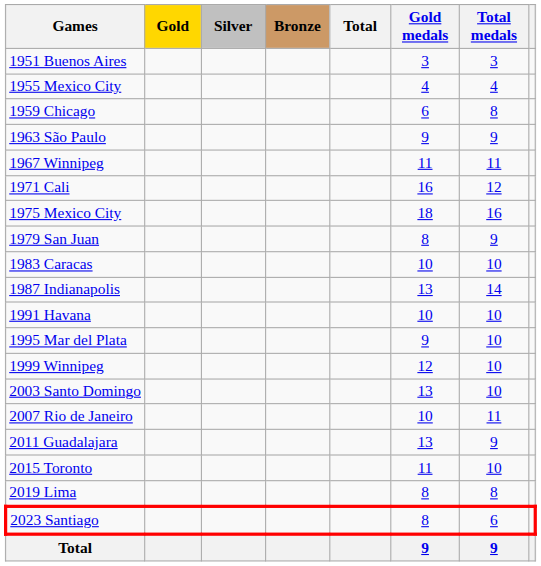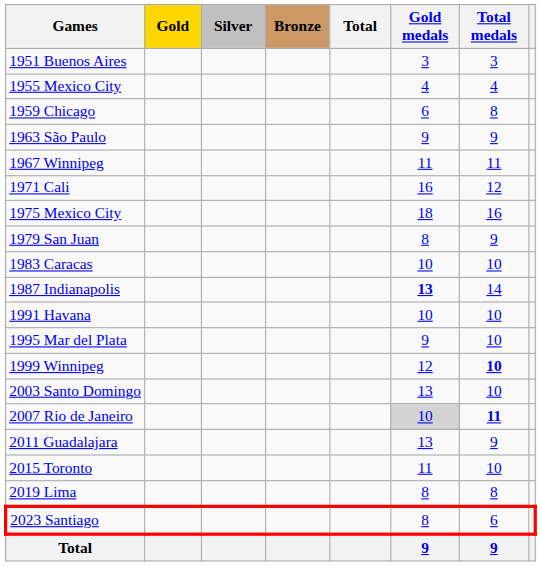 <table class="wikitable sortable" style="text-align:center; font-size:90%;">
 <tr>
 <th>Games</th>
 <td style="background:gold; width:3.2em; font-weight:bold;">Gold</td>
 <td style="background:silver; width:3.7em; font-weight:bold;">Silver</td>
 <td style="background:#c96; width:3.7em; font-weight:bold;">Bronze</td>
 <th style="width:3.5em; font-weight:bold;">Total</th>
 <th style="width:4em; font-weight:bold;"><a href='#'>Gold medals</a></th>
 <th style="width:4em; font-weight:bold;"><a href='#'>Total medals</a></th>
 <th></th>
 </tr>
 <tr>
 <td align="left"> <a href='#'>1951 Buenos Aires</a></td>
 <td></td>
 <td></td>
 <td></td>
 <td><strong></strong></td>
 <td><a href='#'>3</a></td>
 <td><a href='#'>3</a></td>
 <td></td>
 </tr>
 <tr>
 <td align="left"> <a href='#'>1955 Mexico City</a></td>
 <td></td>
 <td></td>
 <td></td>
 <td><strong></strong></td>
 <td><a href='#'>4</a></td>
 <td><a href='#'>4</a></td>
 <td></td>
 </tr>
 <tr>
 <td align="left"> <a href='#'>1959 Chicago</a></td>
 <td></td>
 <td></td>
 <td></td>
 <td><strong></strong></td>
 <td><a href='#'>6</a></td>
 <td><a href='#'>8</a></td>
 <td></td>
 </tr>
 <tr>
 <td align="left"> <a href='#'>1963 São Paulo</a></td>
 <td></td>
 <td></td>
 <td></td>
 <td><strong></strong></td>
 <td><a href='#'>9</a></td>
 <td><a href='#'>9</a></td>
 <td></td>
 </tr>
 <tr>
 <td align="left"> <a href='#'>1967 Winnipeg</a></td>
 <td></td>
 <td></td>
 <td></td>
 <td><strong></strong></td>
 <td><a href='#'>11</a></td>
 <td><a href='#'>11</a></td>
 <td></td>
 </tr>
 <tr>
 <td align="left"> <a href='#'>1971 Cali</a></td>
 <td></td>
 <td></td>
 <td></td>
 <td><strong></strong></td>
 <td><a href='#'>16</a></td>
 <td><a href='#'>12</a></td>
 <td></td>
 </tr>
 <tr>
 <td align="left"> <a href='#'>1975 Mexico City</a></td>
 <td></td>
 <td></td>
 <td></td>
 <td><strong></strong></td>
 <td><a href='#'>18</a></td>
 <td><a href='#'>16</a></td>
 <td></td>
 </tr>
 <tr>
 <td align="left"> <a href='#'>1979 San Juan</a></td>
 <td></td>
 <td></td>
 <td></td>
 <td><strong></strong></td>
 <td><a href='#'>8</a></td>
 <td><a href='#'>9</a></td>
 <td></td>
 </tr>
 <tr>
 <td align="left"> <a href='#'>1983 Caracas</a></td>
 <td></td>
 <td></td>
 <td></td>
 <td><strong></strong></td>
 <td><a href='#'>10</a></td>
 <td><a href='#'>10</a></td>
 <td></td>
 </tr>
 <tr>
 <td align="left"> <a href='#'>1987 Indianapolis</a></td>
 <td></td>
 <td></td>
 <td></td>
 <td><strong></strong></td>
-<td><a href='#'>13</a></td>
+<td><strong><a href='#'>13</a></strong></td>
 <td><a href='#'>14</a></td>
 <td></td>
 </tr>
 <tr>
 <td align="left"> <a href='#'>1991 Havana</a></td>
 <td></td>
 <td></td>
 <td></td>
 <td><strong></strong></td>
 <td><a href='#'>10</a></td>
 <td><a href='#'>10</a></td>
 <td></td>
 </tr>
 <tr>
 <td align="left"> <a href='#'>1995 Mar del Plata</a></td>
 <td></td>
 <td></td>
 <td></td>
 <td><strong></strong></td>
 <td><a href='#'>9</a></td>
 <td><a href='#'>10</a></td>
 <td></td>
 </tr>
 <tr>
 <td align="left"> <a href='#'>1999 Winnipeg</a></td>
 <td></td>
 <td></td>
 <td></td>
 <td><strong></strong></td>
 <td><a href='#'>12</a></td>
-<td><a href='#'>10</a></td>
+<td><strong><a href='#'>10</a></strong></td>
 <td></td>
 </tr>
 <tr>
 <td align="left"> <a href='#'>2003 Santo Domingo</a></td>
 <td></td>
 <td></td>
 <td></td>
 <td><strong></strong></td>
 <td><a href='#'>13</a></td>
 <td><a href='#'>10</a></td>
 <td></td>
 </tr>
 <tr>
 <td align="left"> <a href='#'>2007 Rio de Janeiro</a></td>
 <td></td>
 <td></td>
 <td></td>
 <td><strong></strong></td>
-<td><a href='#'>10</a></td>
-<td><a href='#'>11</a></td>
+<td style="background: lightgrey;"><a href='#'>10</a></td>
+<td><strong><a href='#'>11</a></strong></td>
 <td></td>
 </tr>
 <tr>
 <td align="left"> <a href='#'>2011 Guadalajara</a></td>
 <td></td>
 <td></td>
 <td></td>
 <td><strong></strong></td>
 <td><a href='#'>13</a></td>
 <td><a href='#'>9</a></td>
 <td></td>
 </tr>
 <tr>
 <td align="left"> <a href='#'>2015 Toronto</a></td>
 <td></td>
 <td></td>
 <td></td>
 <td><strong></strong></td>
 <td><a href='#'>11</a></td>
 <td><a href='#'>10</a></td>
 <td></td>
 </tr>
 <tr>
 <td align="left"> <a href='#'>2019 Lima</a></td>
 <td></td>
 <td></td>
 <td></td>
 <td><strong></strong></td>
 <td><a href='#'>8</a></td>
 <td><a href='#'>8</a></td>
 </tr>
 <tr style="border: 3px solid red">
 <td align="left"> <a href='#'>2023 Santiago</a></td>
 <td></td>
 <td></td>
 <td></td>
 <td><strong></strong></td>
 <td><a href='#'>8</a></td>
 <td><a href='#'>6</a></td>
 </tr>
 <tr>
 <th>Total</th>
 <th></th>
 <th></th>
 <th></th>
 <th></th>
 <th><a href='#'>9</a></th>
 <th><a href='#'>9</a></th>
 <th></th>
 </tr>
 </table>
